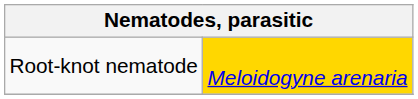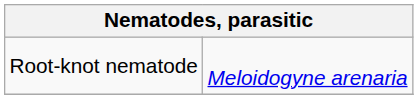 <table class="wikitable" style="clear">
 <tr>
 <th colspan=2><strong>Nematodes, parasitic</strong><br></th>
 </tr>
 <tr>
 <td>Root-knot nematode</td>
-<td style="background: gold;"><br><em><a href='#'>Meloidogyne arenaria</a></em></td>
+<td><br><em><a href='#'>Meloidogyne arenaria</a></em></td>
 </tr>
 <tr>
 </tr>
 </table>
